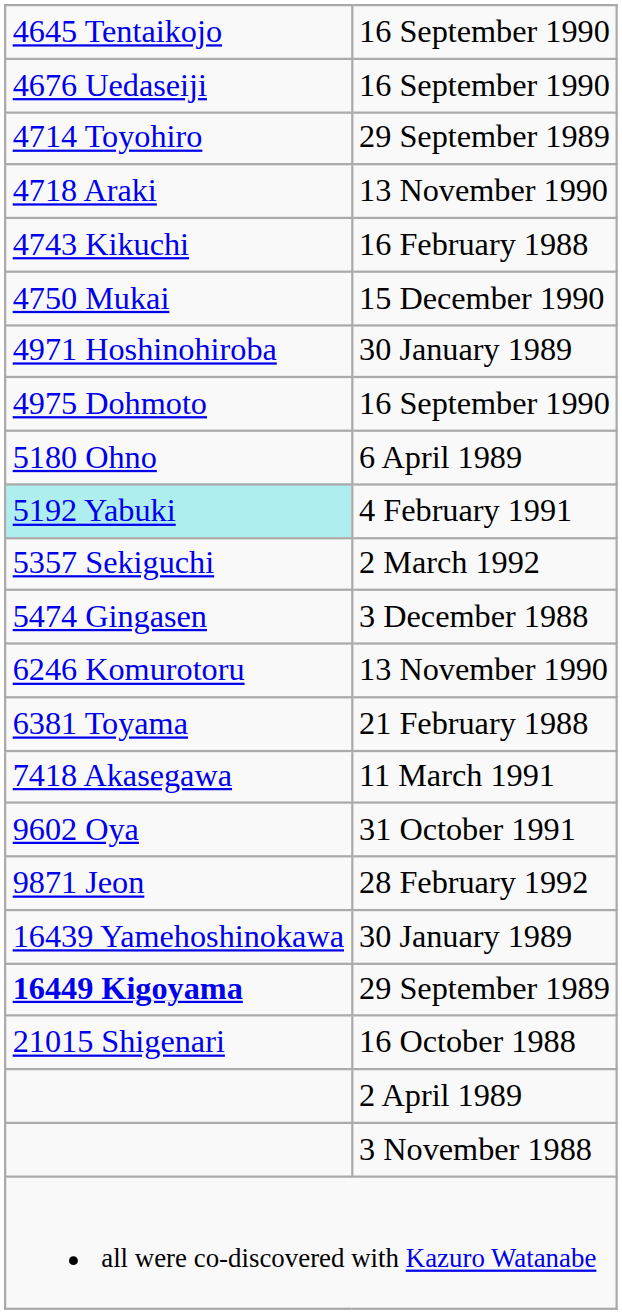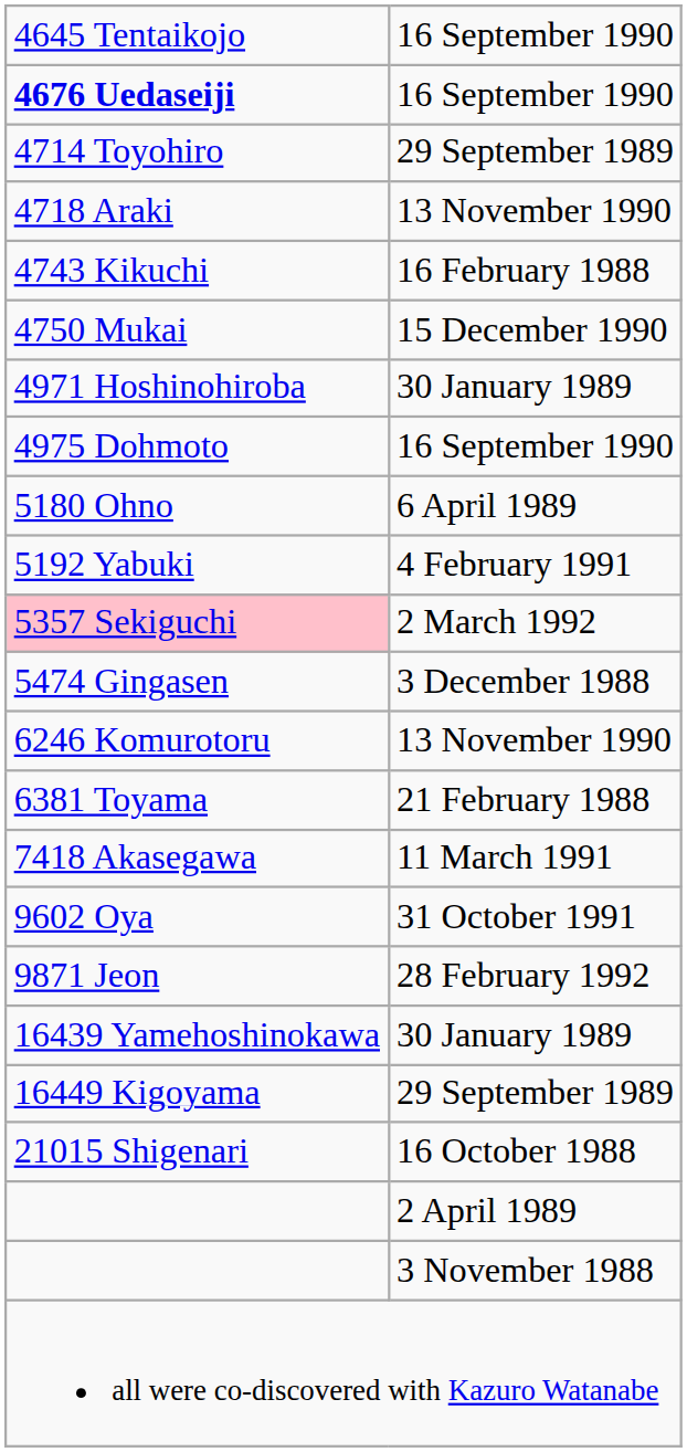 <table class="wikitable floatright" style="font-size: 0.9em;">
 <tr>
 <td><a href='#'>4645 Tentaikojo</a></td>
 <td>16 September 1990</td>
 </tr>
 <tr>
-<td><a href='#'>4676 Uedaseiji</a></td>
+<td><strong><a href='#'>4676 Uedaseiji</a></strong></td>
 <td>16 September 1990</td>
 </tr>
 <tr>
 <td><a href='#'>4714 Toyohiro</a></td>
 <td>29 September 1989</td>
 </tr>
 <tr>
 <td><a href='#'>4718 Araki</a></td>
 <td>13 November 1990</td>
 </tr>
 <tr>
 <td><a href='#'>4743 Kikuchi</a></td>
 <td>16 February 1988</td>
 </tr>
 <tr>
 <td><a href='#'>4750 Mukai</a></td>
 <td>15 December 1990</td>
 </tr>
 <tr>
 <td><a href='#'>4971 Hoshinohiroba</a></td>
 <td>30 January 1989</td>
 </tr>
 <tr>
 <td><a href='#'>4975 Dohmoto</a></td>
 <td>16 September 1990</td>
 </tr>
 <tr>
 <td><a href='#'>5180 Ohno</a></td>
 <td>6 April 1989</td>
 </tr>
 <tr>
-<td style="background: paleturquoise;"><a href='#'>5192 Yabuki</a></td>
+<td><a href='#'>5192 Yabuki</a></td>
 <td>4 February 1991</td>
 </tr>
 <tr>
-<td><a href='#'>5357 Sekiguchi</a></td>
+<td style="background: pink;"><a href='#'>5357 Sekiguchi</a></td>
 <td>2 March 1992</td>
 </tr>
 <tr>
 <td><a href='#'>5474 Gingasen</a></td>
 <td>3 December 1988</td>
 </tr>
 <tr>
 <td><a href='#'>6246 Komurotoru</a></td>
 <td>13 November 1990</td>
 </tr>
 <tr>
 <td><a href='#'>6381 Toyama</a></td>
 <td>21 February 1988</td>
 </tr>
 <tr>
 <td><a href='#'>7418 Akasegawa</a></td>
 <td>11 March 1991</td>
 </tr>
 <tr>
 <td><a href='#'>9602 Oya</a></td>
 <td>31 October 1991</td>
 </tr>
 <tr>
 <td><a href='#'>9871 Jeon</a></td>
 <td>28 February 1992</td>
 </tr>
 <tr>
 <td><a href='#'>16439 Yamehoshinokawa</a></td>
 <td>30 January 1989</td>
 </tr>
 <tr>
-<td><strong><a href='#'>16449 Kigoyama</a></strong></td>
+<td><a href='#'>16449 Kigoyama</a></td>
 <td>29 September 1989</td>
 </tr>
 <tr>
 <td><a href='#'>21015 Shigenari</a></td>
 <td>16 October 1988</td>
 </tr>
 <tr>
 <td></td>
 <td>2 April 1989</td>
 </tr>
 <tr>
 <td></td>
 <td>3 November 1988</td>
 </tr>
 <tr>
 <td colspan=3 style="font-size: smaller;"><br><ul><li>all were co-discovered with <a href='#'>Kazuro Watanabe</a></li></ul></td>
 </tr>
 </table>
